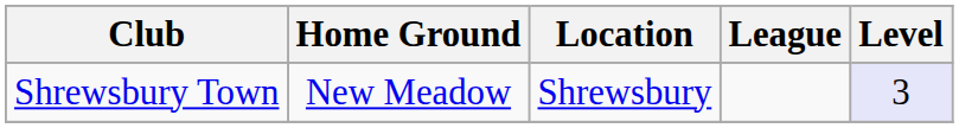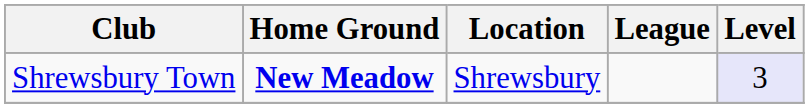 <table class="wikitable sortable" border="1" style="text-align:center;">
 <tr>
 <th>Club<br></th>
 <th>Home Ground</th>
 <th>Location</th>
 <th>League</th>
 <th>Level</th>
 </tr>
 <tr>
 <td style="text-align:left;"><a href='#'>Shrewsbury Town</a></td>
-<td><a href='#'>New Meadow</a></td>
+<td><strong><a href='#'>New Meadow</a></strong></td>
 <td><a href='#'>Shrewsbury</a></td>
 <td></td>
 <td style="background: lavender;">3</td>
 </tr>
 <tr>
 </tr>
 </table>
